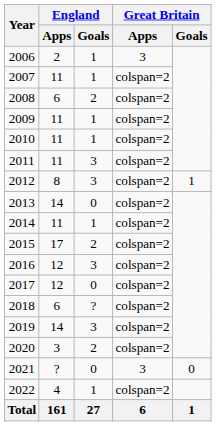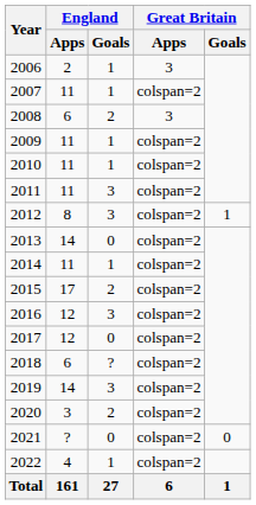 <table class="wikitable" style="text-align:center">
 <tr>
 <th rowspan=2>Year</th>
 <th colspan=2><a href='#'>England</a></th>
 <th colspan=2><a href='#'>Great Britain</a></th>
 </tr>
 <tr>
 <th>Apps</th>
 <th>Goals</th>
 <th>Apps</th>
 <th>Goals</th>
 </tr>
 <tr>
 <td>2006</td>
 <td>2</td>
 <td>1</td>
 <td>3</td>
 </tr>
 <tr>
 <td>2007</td>
 <td>11</td>
 <td>1</td>
 <td>colspan=2</td>
 </tr>
 <tr>
 <td>2008</td>
 <td>6</td>
 <td>2</td>
-<td>colspan=2</td>
+<td>3</td>
 </tr>
 <tr>
 <td>2009</td>
 <td>11</td>
 <td>1</td>
 <td>colspan=2</td>
 </tr>
 <tr>
 <td>2010</td>
 <td>11</td>
 <td>1</td>
 <td>colspan=2</td>
 </tr>
 <tr>
 <td>2011</td>
 <td>11</td>
 <td>3</td>
 <td>colspan=2</td>
 </tr>
 <tr>
 <td>2012</td>
 <td>8</td>
 <td>3</td>
 <td>colspan=2</td>
 <td>1</td>
 </tr>
 <tr>
 <td>2013</td>
 <td>14</td>
 <td>0</td>
 <td>colspan=2</td>
 </tr>
 <tr>
 <td>2014</td>
 <td>11</td>
 <td>1</td>
 <td>colspan=2</td>
 </tr>
 <tr>
 <td>2015</td>
 <td>17</td>
 <td>2</td>
 <td>colspan=2</td>
 </tr>
 <tr>
 <td>2016</td>
 <td>12</td>
 <td>3</td>
 <td>colspan=2</td>
 </tr>
 <tr>
 <td>2017</td>
 <td>12</td>
 <td>0</td>
 <td>colspan=2</td>
 </tr>
 <tr>
 <td>2018</td>
 <td>6</td>
 <td>?</td>
 <td>colspan=2</td>
 </tr>
 <tr>
 <td>2019</td>
 <td>14</td>
 <td>3</td>
 <td>colspan=2</td>
 </tr>
 <tr>
 <td>2020</td>
 <td>3</td>
 <td>2</td>
 <td>colspan=2</td>
 </tr>
 <tr>
 <td>2021</td>
 <td>?</td>
 <td>0</td>
-<td>3</td>
+<td>colspan=2</td>
 <td>0</td>
 </tr>
 <tr>
 <td>2022</td>
 <td>4</td>
 <td>1</td>
 <td>colspan=2</td>
 </tr>
 <tr>
 <th>Total</th>
 <th>161</th>
 <th>27</th>
 <th>6</th>
 <th>1</th>
 </tr>
 </table>
